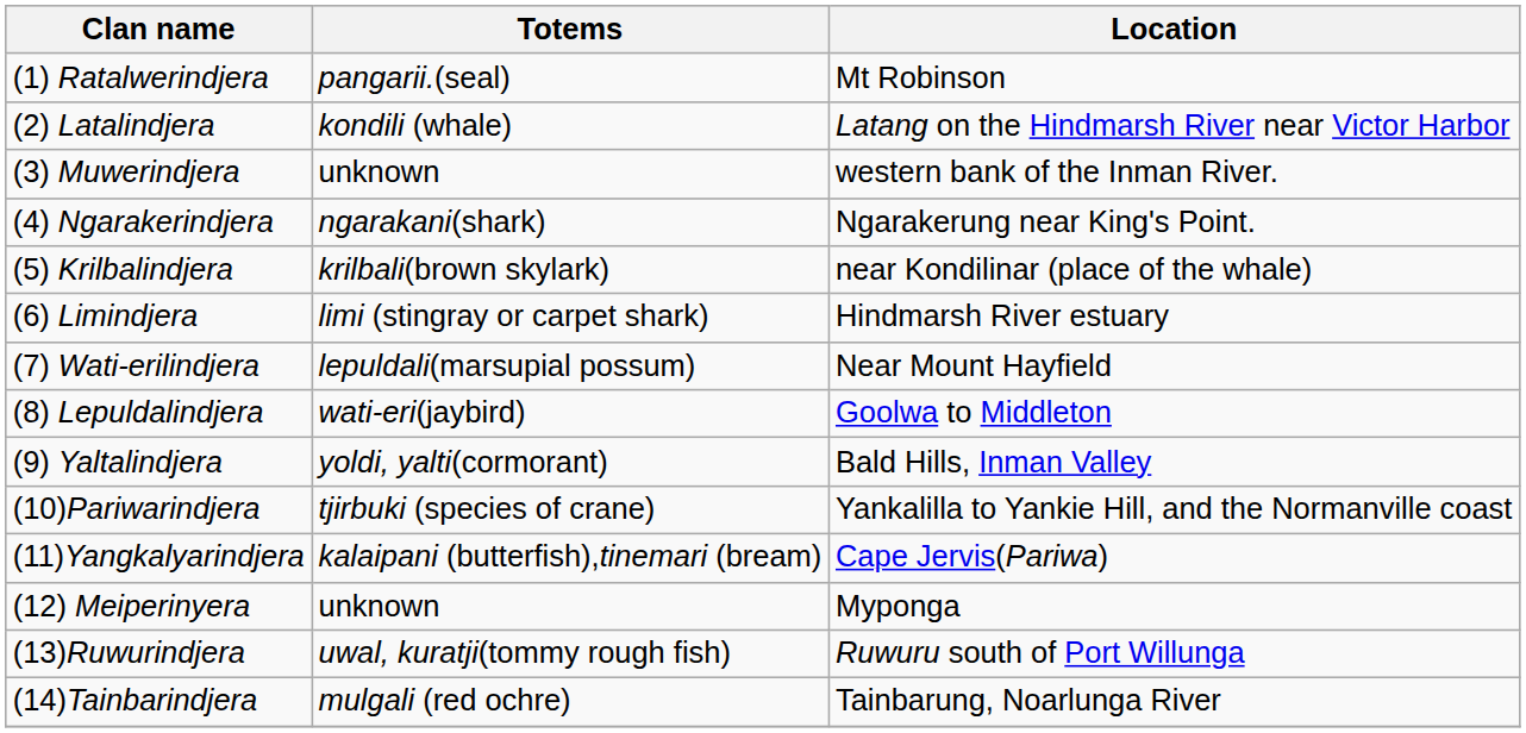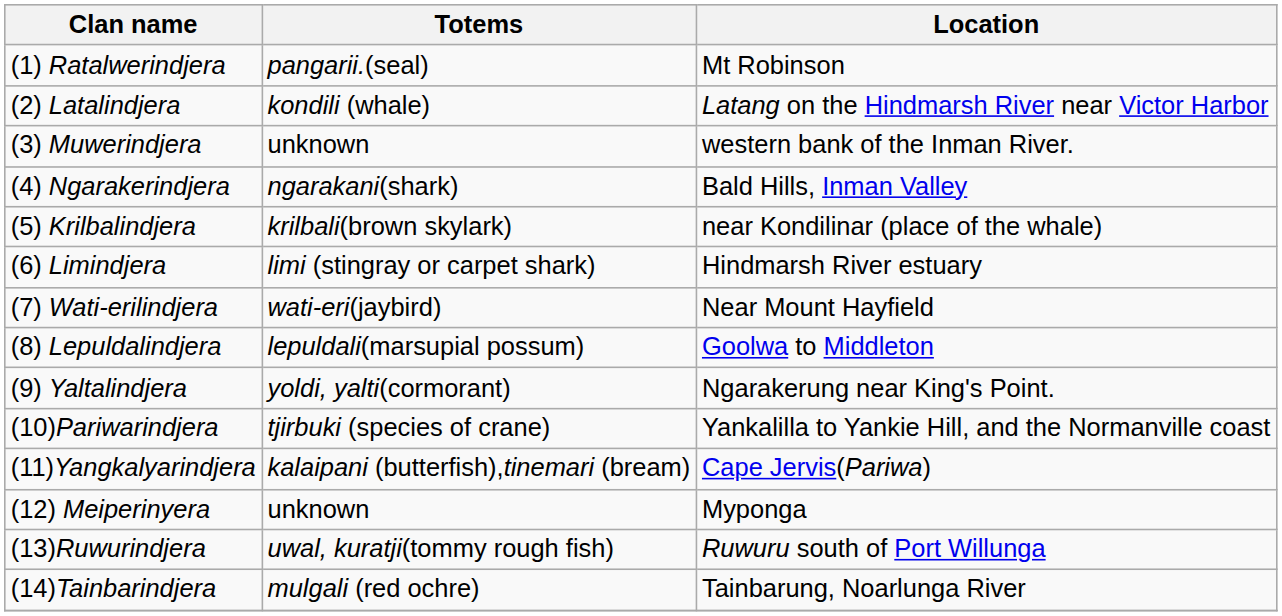 <table class="wikitable">
 <tr>
 <th>Clan name</th>
 <th>Totems</th>
 <th>Location</th>
 </tr>
 <tr>
 <td rowspan=1>(1) <em>Ratalwerindjera</em></td>
 <td><em>pangarii.</em>(seal)</td>
 <td>Mt Robinson</td>
 </tr>
 <tr>
 <td rowspan=1>(2) <em>Latalindjera</em></td>
 <td><em>kondili</em> (whale)</td>
 <td><em>Latang</em> on the  <a href='#'>Hindmarsh River</a> near <a href='#'>Victor Harbor</a></td>
 </tr>
 <tr>
 <td rowspan=1>(3) <em>Muwerindjera</em></td>
 <td>unknown</td>
 <td>western bank of the Inman River.</td>
 </tr>
 <tr>
 <td rowspan=1>(4) <em>Ngarakerindjera</em></td>
 <td><em>ngarakani</em>(shark)</td>
-<td>Ngarakerung near King's Point.</td>
+<td>Bald Hills, <a href='#'>Inman Valley</a></td>
 </tr>
 <tr>
 <td rowspan=1>(5)  <em>Krilbalindjera</em></td>
 <td><em>krilbali</em>(brown skylark)</td>
 <td>near Kondilinar (place of the whale)</td>
 </tr>
 <tr>
 <td rowspan=1>(6) <em>Limindjera</em></td>
 <td><em>limi</em> (stingray or carpet shark)</td>
 <td>Hindmarsh River estuary</td>
 </tr>
 <tr>
 <td rowspan=1>(7) <em>Wati-erilindjera</em></td>
-<td><em>lepuldali</em>(marsupial possum)</td>
+<td><em>wati-eri</em>(jaybird)</td>
 <td>Near Mount Hayfield</td>
 </tr>
 <tr>
 <td rowspan=1>(8) <em>Lepuldalindjera</em></td>
-<td><em>wati-eri</em>(jaybird)</td>
+<td><em>lepuldali</em>(marsupial possum)</td>
 <td><a href='#'>Goolwa</a> to <a href='#'>Middleton</a></td>
 </tr>
 <tr>
 <td rowspan=1>(9) <em>Yaltalindjera</em></td>
 <td><em>yoldi, yalti</em>(cormorant)</td>
-<td>Bald Hills, <a href='#'>Inman Valley</a></td>
+<td>Ngarakerung near King's Point.</td>
 </tr>
 <tr>
 <td rowspan=1>(10)<em>Pariwarindjera</em></td>
 <td><em>tjirbuki</em> (species of crane)</td>
 <td>Yankalilla to Yankie Hill, and the Normanville coast</td>
 </tr>
 <tr>
 <td rowspan=1>(11)<em>Yangkalyarindjera</em></td>
 <td><em>kalaipani</em> (butterfish),<em>tinemari</em> (bream)</td>
 <td><a href='#'>Cape Jervis</a>(<em>Pariwa</em>)</td>
 </tr>
 <tr>
 <td rowspan=1>(12) <em>Meiperinyera</em></td>
 <td>unknown</td>
 <td>Myponga</td>
 </tr>
 <tr>
 <td rowspan=1>(13)<em>Ruwurindjera</em></td>
 <td><em>uwal, kuratji</em>(tommy rough fish)</td>
 <td><em>Ruwuru</em> south of <a href='#'>Port Willunga</a></td>
 </tr>
 <tr>
 <td rowspan=1>(14)<em>Tainbarindjera</em></td>
 <td><em>mulgali</em> (red ochre)</td>
 <td>Tainbarung, Noarlunga River</td>
 </tr>
 <tr>
 </tr>
 </table>
